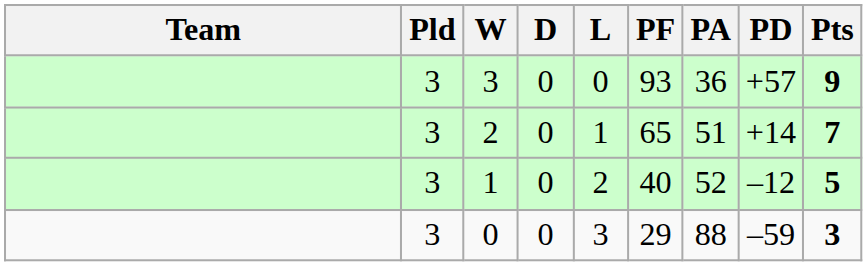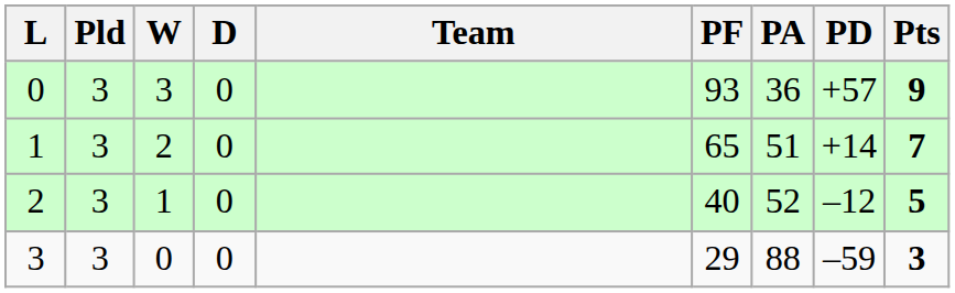 <table class="wikitable" style="text-align:center;">
 <tr>
-<th width=190>Team</th>
+<th width=20 abbr="Lost">L</th>
 <th width=20 abbr="Played">Pld</th>
 <th width=20 abbr="Won">W</th>
 <th width=20 abbr="Drawn">D</th>
-<th width=20 abbr="Lost">L</th>
+<th width=190>Team</th>
 <th width=20 abbr="Points for">PF</th>
 <th width=20 abbr="Points against">PA</th>
 <th width=25 abbr="Points difference">PD</th>
 <th width=20 abbr="Points">Pts</th>
 </tr>
 <tr style="background:#ccffcc">
-<td align=left></td>
+<td>0</td>
 <td>3</td>
 <td>3</td>
 <td>0</td>
-<td>0</td>
+<td align=left></td>
 <td>93</td>
 <td>36</td>
 <td>+57</td>
 <td><strong>9</strong></td>
 </tr>
 <tr style="background:#ccffcc">
-<td align=left></td>
+<td>1</td>
 <td>3</td>
 <td>2</td>
 <td>0</td>
-<td>1</td>
+<td align=left></td>
 <td>65</td>
 <td>51</td>
 <td>+14</td>
 <td><strong>7</strong></td>
 </tr>
 <tr style="background:#ccffcc">
-<td align=left></td>
+<td>2</td>
 <td>3</td>
 <td>1</td>
 <td>0</td>
-<td>2</td>
+<td align=left></td>
 <td>40</td>
 <td>52</td>
 <td>–12</td>
 <td><strong>5</strong></td>
 </tr>
 <tr>
-<td align=left></td>
+<td>3</td>
 <td>3</td>
 <td>0</td>
 <td>0</td>
-<td>3</td>
+<td align=left></td>
 <td>29</td>
 <td>88</td>
 <td>–59</td>
 <td><strong>3</strong></td>
 </tr>
 </table>
